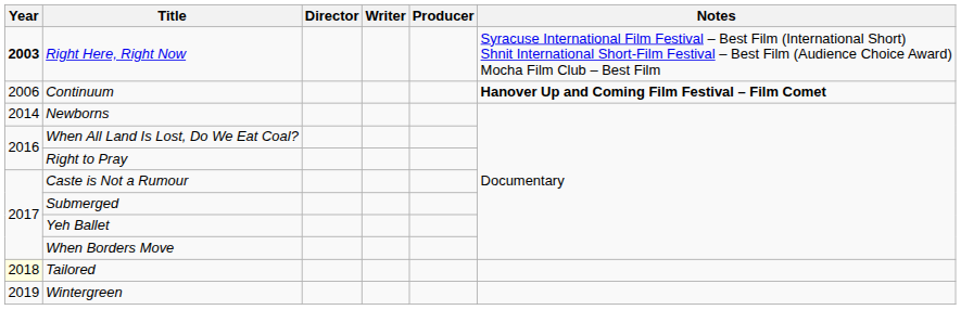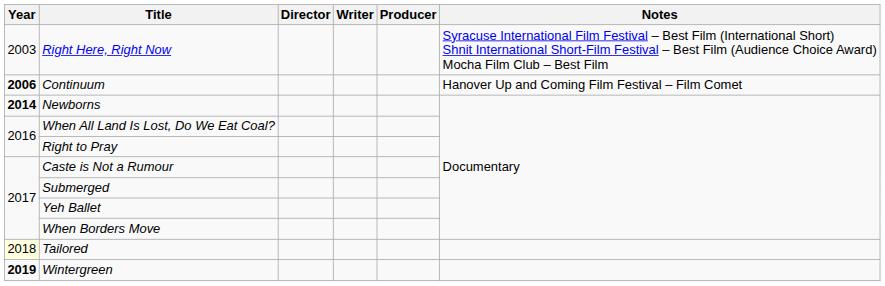 <table class="wikitable">
 <tr>
 <th>Year</th>
 <th>Title</th>
 <th>Director</th>
 <th>Writer</th>
 <th>Producer</th>
 <th>Notes</th>
 </tr>
 <tr>
-<td><strong>2003</strong></td>
+<td>2003</td>
 <td><em><a href='#'>Right Here, Right Now</a></em></td>
 <td></td>
 <td></td>
 <td></td>
 <td><a href='#'>Syracuse International Film Festival</a> – Best Film (International Short)<br><a href='#'>Shnit International Short-Film Festival</a> – Best Film (Audience Choice Award)<br>Mocha Film Club – Best Film</td>
 </tr>
 <tr>
-<td>2006</td>
+<td><strong>2006</strong></td>
 <td><em>Continuum</em></td>
 <td></td>
 <td></td>
 <td></td>
-<td><strong>Hanover Up and Coming Film Festival – Film Comet</strong></td>
+<td>Hanover Up and Coming Film Festival – Film Comet</td>
 </tr>
 <tr>
-<td>2014</td>
+<td><strong>2014</strong></td>
 <td><em>Newborns</em></td>
 <td></td>
 <td></td>
 <td></td>
 <td rowspan=7>Documentary</td>
 </tr>
 <tr>
 <td rowspan=2>2016</td>
 <td><em>When All Land Is Lost, Do We Eat Coal?</em></td>
 <td></td>
 <td></td>
 <td></td>
 </tr>
 <tr>
 <td><em>Right to Pray</em></td>
 <td></td>
 <td></td>
 <td></td>
 </tr>
 <tr>
 <td rowspan=4>2017</td>
 <td><em>Caste is Not a Rumour</em></td>
 <td></td>
 <td></td>
 <td></td>
 </tr>
 <tr>
 <td><em>Submerged</em></td>
 <td></td>
 <td></td>
 <td></td>
 </tr>
 <tr>
 <td><em>Yeh Ballet</em></td>
 <td></td>
 <td></td>
 <td></td>
 </tr>
 <tr>
 <td><em>When Borders Move</em></td>
 <td></td>
 <td></td>
 <td></td>
 </tr>
 <tr>
 <td style="background: lightyellow;">2018</td>
 <td><em>Tailored</em></td>
 <td></td>
 <td></td>
 <td></td>
 <td></td>
 </tr>
 <tr>
-<td>2019</td>
+<td><strong>2019</strong></td>
 <td><em>Wintergreen</em></td>
 <td></td>
 <td></td>
 <td></td>
 <td></td>
 </tr>
 </table>
